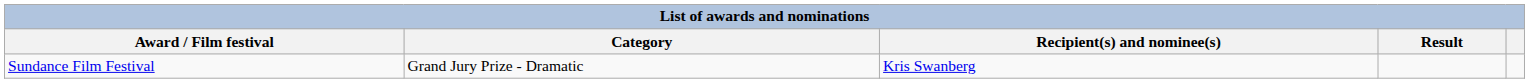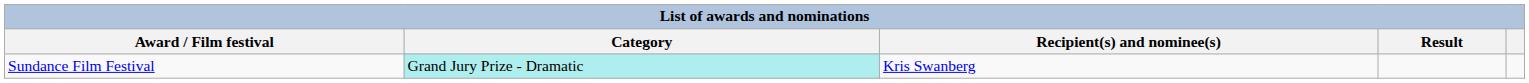 <table class="wikitable sortable" style="width:99%;">
 <tr style="text-align:center;">
 <th colspan="5" style="background:#B0C4DE;">List of awards and nominations</th>
 </tr>
 <tr style="background:#ccc; text-align:center;">
 <th scope="col">Award / Film festival</th>
 <th scope="col">Category</th>
 <th scope="col">Recipient(s) and nominee(s)</th>
 <th scope="col">Result</th>
 <th scope="col" class="unsortable"></th>
 </tr>
 <tr>
 <td scope=row rowspan=6><a href='#'>Sundance Film Festival</a></td>
-<td>Grand Jury Prize - Dramatic</td>
+<td style="background: paleturquoise;">Grand Jury Prize - Dramatic</td>
 <td><a href='#'>Kris Swanberg</a></td>
 <td></td>
 <td></td>
 </tr>
 </table>
